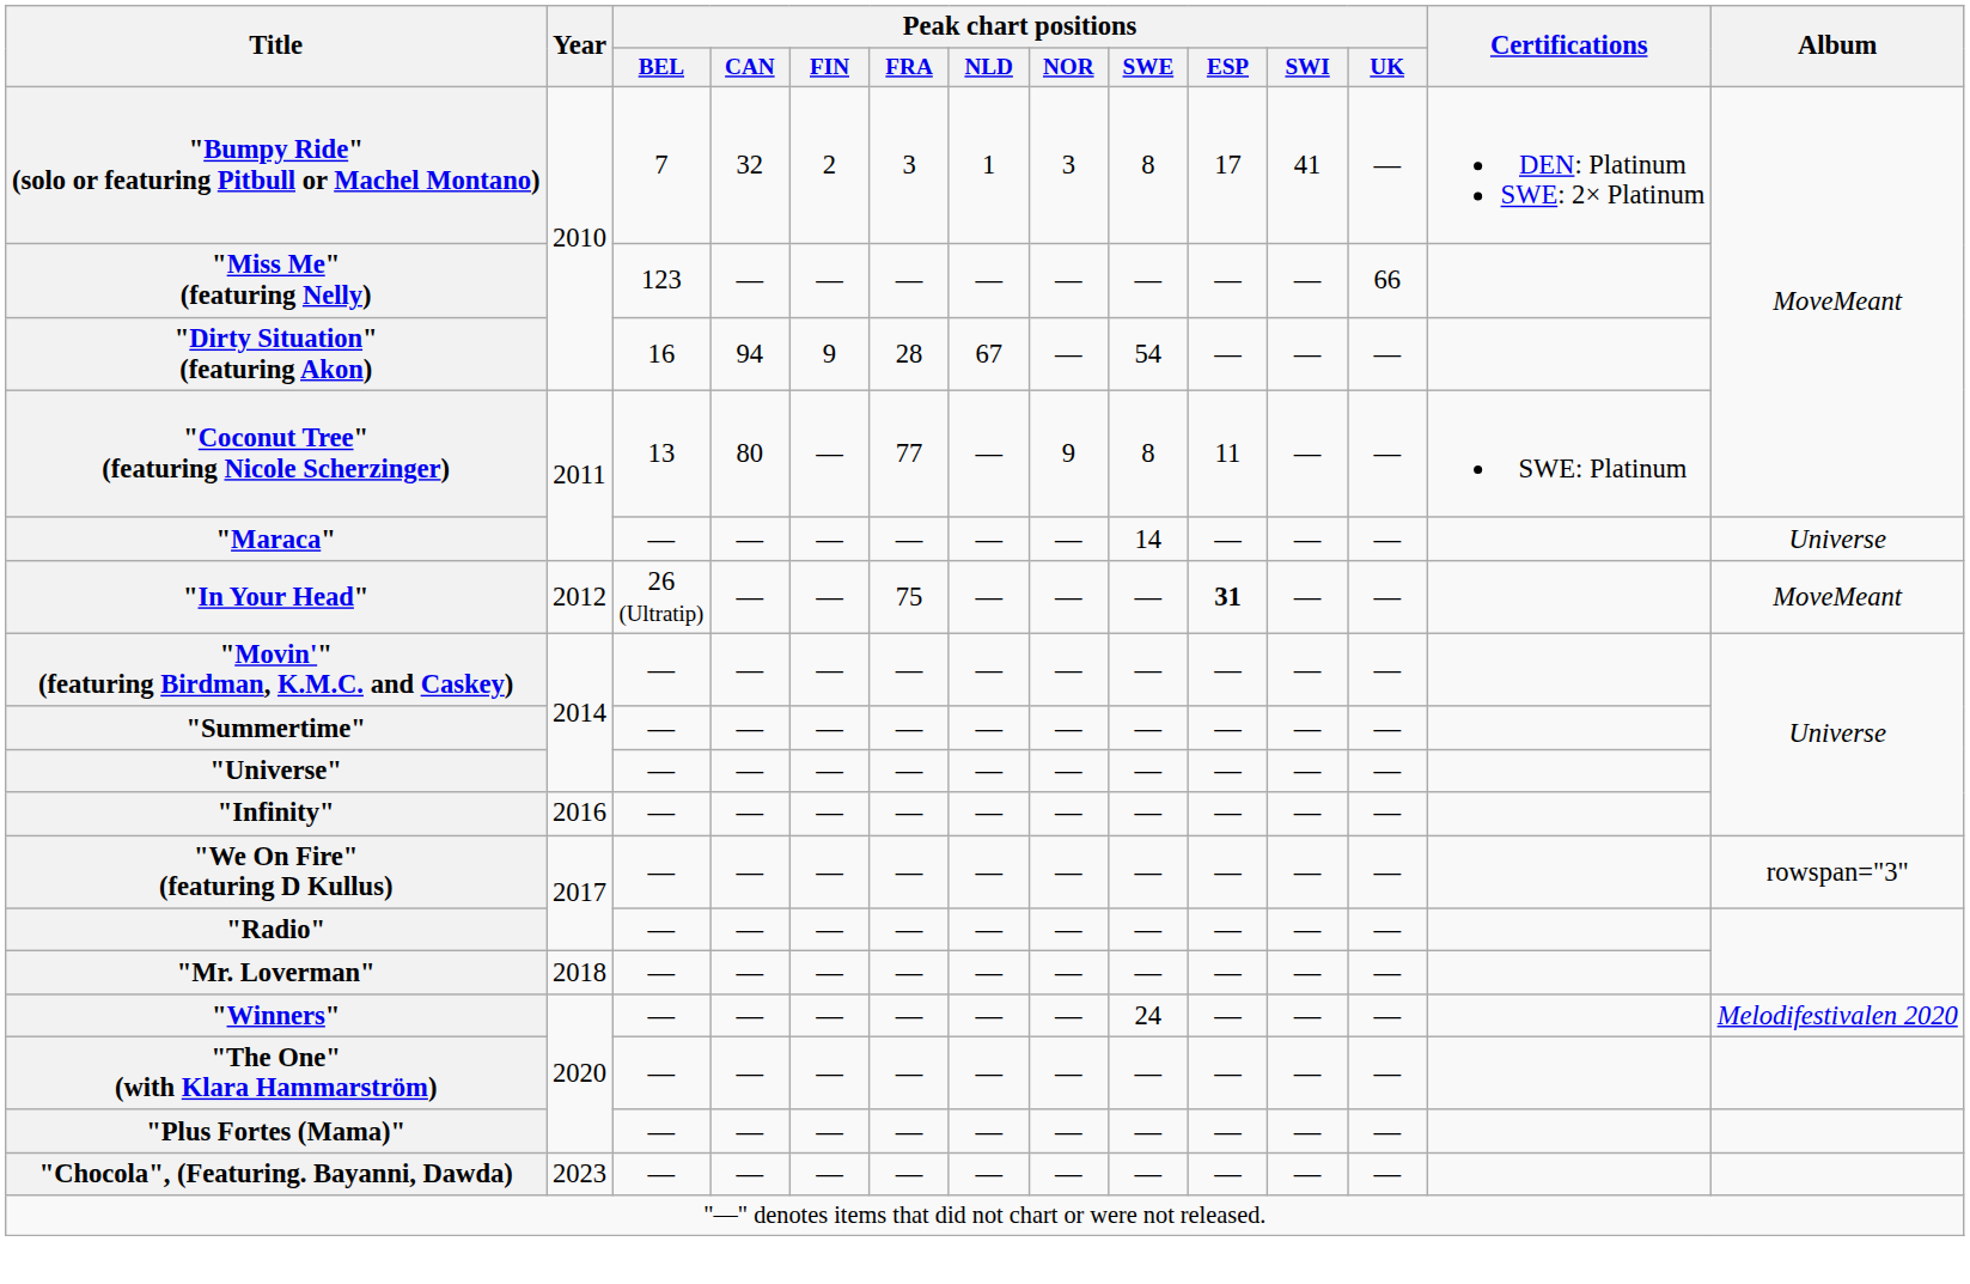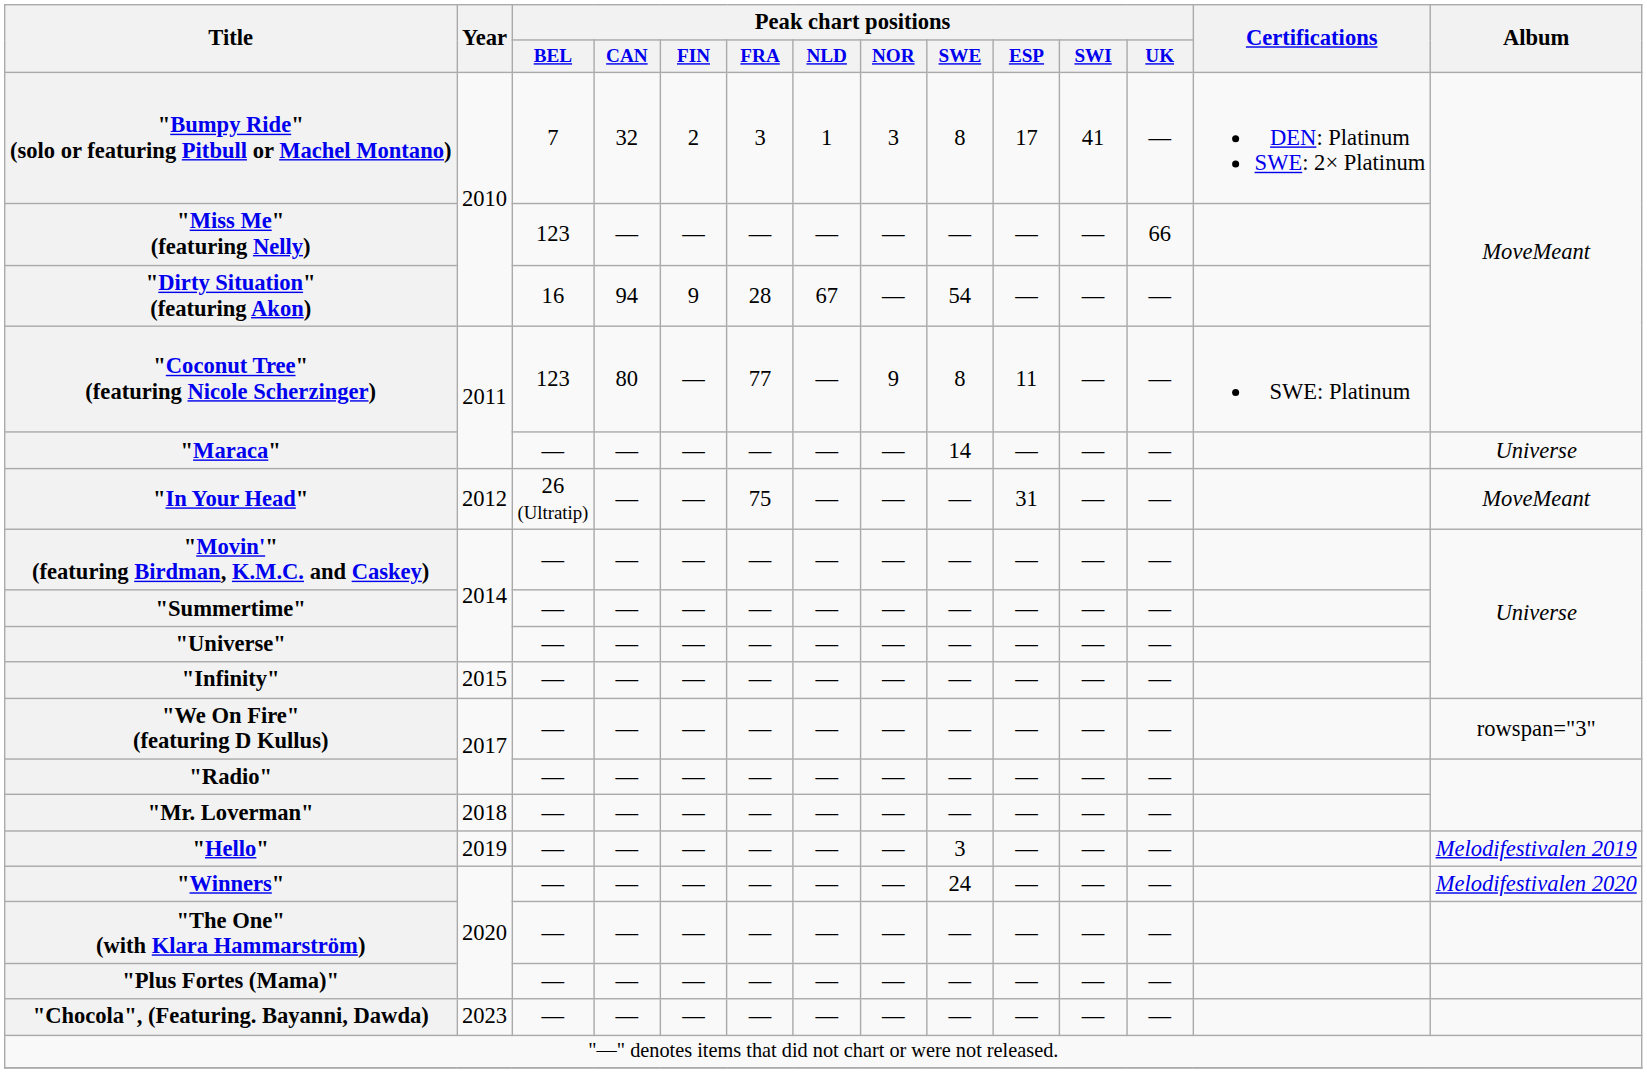 <table class="wikitable plainrowheaders" style="text-align:center;">
 <tr>
 <th scope="col" rowspan="2">Title</th>
 <th scope="col" rowspan="2">Year</th>
 <th scope="col" colspan="10">Peak chart positions</th>
 <th scope="col" rowspan="2"><a href='#'>Certifications</a></th>
 <th scope="col" rowspan="2">Album</th>
 </tr>
 <tr>
 <th scope="col" style="width:3em;font-size:85%;"><a href='#'>BEL</a></th>
 <th scope="col" style="width:3em;font-size:85%;"><a href='#'>CAN</a></th>
 <th scope="col" style="width:3em;font-size:85%;"><a href='#'>FIN</a></th>
 <th scope="col" style="width:3em;font-size:85%;"><a href='#'>FRA</a><br></th>
 <th scope="col" style="width:3em;font-size:85%;"><a href='#'>NLD</a></th>
 <th scope="col" style="width:3em;font-size:85%;"><a href='#'>NOR</a></th>
 <th scope="col" style="width:3em;font-size:85%;"><a href='#'>SWE</a><br></th>
 <th scope="col" style="width:3em;font-size:85%;"><a href='#'>ESP</a></th>
 <th scope="col" style="width:3em;font-size:85%;"><a href='#'>SWI</a></th>
 <th scope="col" style="width:3em;font-size:85%;"><a href='#'>UK</a></th>
 </tr>
 <tr>
 <th scope="row">"<a href='#'>Bumpy Ride</a>" <br><span>(solo or featuring <a href='#'>Pitbull</a> or <a href='#'>Machel Montano</a>)</span></th>
 <td rowspan="3">2010</td>
 <td>7</td>
 <td>32</td>
 <td>2</td>
 <td>3</td>
 <td>1</td>
 <td>3</td>
 <td>8</td>
 <td>17</td>
 <td>41</td>
 <td>—</td>
 <td><br><ul><li><a href='#'>DEN</a>: Platinum</li><li><a href='#'>SWE</a>: 2× Platinum</li></ul></td>
 <td rowspan="4"><em>MoveMeant</em></td>
 </tr>
 <tr>
 <th scope="row">"<a href='#'>Miss Me</a>" <br><span>(featuring <a href='#'>Nelly</a>)</span></th>
 <td>123</td>
 <td>—</td>
 <td>—</td>
 <td>—</td>
 <td>—</td>
 <td>—</td>
 <td>—</td>
 <td>—</td>
 <td>—</td>
 <td>66</td>
 <td></td>
 </tr>
 <tr>
 <th scope="row">"<a href='#'>Dirty Situation</a>" <br><span>(featuring <a href='#'>Akon</a>)</span></th>
 <td>16</td>
 <td>94</td>
 <td>9</td>
 <td>28</td>
 <td>67</td>
 <td>—</td>
 <td>54</td>
 <td>—</td>
 <td>—</td>
 <td>—</td>
 <td></td>
 </tr>
 <tr>
 <th scope="row">"<a href='#'>Coconut Tree</a>" <br><span>(featuring <a href='#'>Nicole Scherzinger</a>)</span></th>
 <td rowspan="2">2011</td>
-<td>13</td>
+<td>123</td>
 <td>80</td>
 <td>—</td>
 <td>77</td>
 <td>—</td>
 <td>9</td>
 <td>8</td>
 <td>11</td>
 <td>—</td>
 <td>—</td>
 <td><br><ul><li>SWE: Platinum</li></ul></td>
 </tr>
 <tr>
 <th scope="row">"<a href='#'>Maraca</a>"</th>
 <td>—</td>
 <td>—</td>
 <td>—</td>
 <td>—</td>
 <td>—</td>
 <td>—</td>
 <td>14</td>
 <td>—</td>
 <td>—</td>
 <td>—</td>
 <td></td>
 <td rowspan="1"><em>Universe</em></td>
 </tr>
 <tr>
 <th scope="row">"<a href='#'>In Your Head</a>"</th>
 <td>2012</td>
 <td>26<br><small>(Ultratip)</small></td>
 <td>—</td>
 <td>—</td>
 <td>75</td>
 <td>—</td>
 <td>—</td>
 <td>—</td>
-<td><strong>31</strong></td>
+<td>31</td>
 <td>—</td>
 <td>—</td>
 <td></td>
 <td rowspan="1"><em>MoveMeant</em></td>
 </tr>
 <tr>
 <th scope="row">"<a href='#'>Movin'</a>" <br><span>(featuring <a href='#'>Birdman</a>, <a href='#'>K.M.C.</a> and <a href='#'>Caskey</a>)</span></th>
 <td rowspan="3">2014</td>
 <td>—</td>
 <td>—</td>
 <td>—</td>
 <td>—</td>
 <td>—</td>
 <td>—</td>
 <td>—</td>
 <td>—</td>
 <td>—</td>
 <td>—</td>
 <td></td>
 <td rowspan="4"><em>Universe</em></td>
 </tr>
 <tr>
 <th scope="row">"Summertime"</th>
 <td>—</td>
 <td>—</td>
 <td>—</td>
 <td>—</td>
 <td>—</td>
 <td>—</td>
 <td>—</td>
 <td>—</td>
 <td>—</td>
 <td>—</td>
 <td></td>
 </tr>
 <tr>
 <th scope="row">"Universe"</th>
 <td>—</td>
 <td>—</td>
 <td>—</td>
 <td>—</td>
 <td>—</td>
 <td>—</td>
 <td>—</td>
 <td>—</td>
 <td>—</td>
 <td>—</td>
 <td></td>
 </tr>
 <tr>
 <th scope="row">"Infinity" <br><span></span></th>
-<td>2016</td>
+<td>2015</td>
 <td>—</td>
 <td>—</td>
 <td>—</td>
 <td>—</td>
 <td>—</td>
 <td>—</td>
 <td>—</td>
 <td>—</td>
 <td>—</td>
 <td>—</td>
 <td></td>
 </tr>
 <tr>
 <th scope="row">"We On Fire" <br><span>(featuring D Kullus)</span></th>
 <td rowspan="2">2017</td>
 <td>—</td>
 <td>—</td>
 <td>—</td>
 <td>—</td>
 <td>—</td>
 <td>—</td>
 <td>—</td>
 <td>—</td>
 <td>—</td>
 <td>—</td>
 <td></td>
 <td>rowspan="3" </td>
 </tr>
 <tr>
 <th scope="row">"Radio"</th>
 <td>—</td>
 <td>—</td>
 <td>—</td>
 <td>—</td>
 <td>—</td>
 <td>—</td>
 <td>—</td>
 <td>—</td>
 <td>—</td>
 <td>—</td>
 <td></td>
 </tr>
 <tr>
 <th scope="row">"Mr. Loverman" <br><span></span></th>
 <td>2018</td>
 <td>—</td>
 <td>—</td>
 <td>—</td>
 <td>—</td>
 <td>—</td>
 <td>—</td>
 <td>—</td>
 <td>—</td>
 <td>—</td>
 <td>—</td>
 <td></td>
+</tr>
+<tr>
+<th scope="row">"<a href='#'>Hello</a>"</th>
+<td>2019</td>
+<td>—</td>
+<td>—</td>
+<td>—</td>
+<td>—</td>
+<td>—</td>
+<td>—</td>
+<td>3<br></td>
+<td>—</td>
+<td>—</td>
+<td>—</td>
+<td></td>
+<td><em><a href='#'>Melodifestivalen 2019</a></em></td>
 </tr>
 <tr>
 <th scope="row">"<a href='#'>Winners</a>"</th>
 <td rowspan=3>2020</td>
 <td>—</td>
 <td>—</td>
 <td>—</td>
 <td>—</td>
 <td>—</td>
 <td>—</td>
 <td>24<br></td>
 <td>—</td>
 <td>—</td>
 <td>—</td>
 <td></td>
 <td><em><a href='#'>Melodifestivalen 2020</a></em></td>
 </tr>
 <tr>
 <th scope="row">"The One"  <br>  (with <a href='#'>Klara Hammarström</a>)</th>
 <td>—</td>
 <td>—</td>
 <td>—</td>
 <td>—</td>
 <td>—</td>
 <td>—</td>
 <td>—</td>
 <td>—</td>
 <td>—</td>
 <td>—</td>
 <td></td>
 <td></td>
 </tr>
 <tr>
 <th scope="row">"Plus Fortes (Mama)"</th>
 <td>—</td>
 <td>—</td>
 <td>—</td>
 <td>—</td>
 <td>—</td>
 <td>—</td>
 <td>—</td>
 <td>—</td>
 <td>—</td>
 <td>—</td>
 <td></td>
 <td></td>
 </tr>
 <tr>
 <th scope="row">"Chocola", (Featuring. Bayanni, Dawda)</th>
 <td>2023</td>
 <td>—</td>
 <td>—</td>
 <td>—</td>
 <td>—</td>
 <td>—</td>
 <td>—</td>
 <td>—</td>
 <td>—</td>
 <td>—</td>
 <td>—</td>
 <td></td>
 <td rowspan="1"></td>
 </tr>
 <tr>
 <td colspan="14" style="font-size:90%">"—" denotes items that did not chart or were not released.</td>
 </tr>
 <tr>
 </tr>
 </table>
